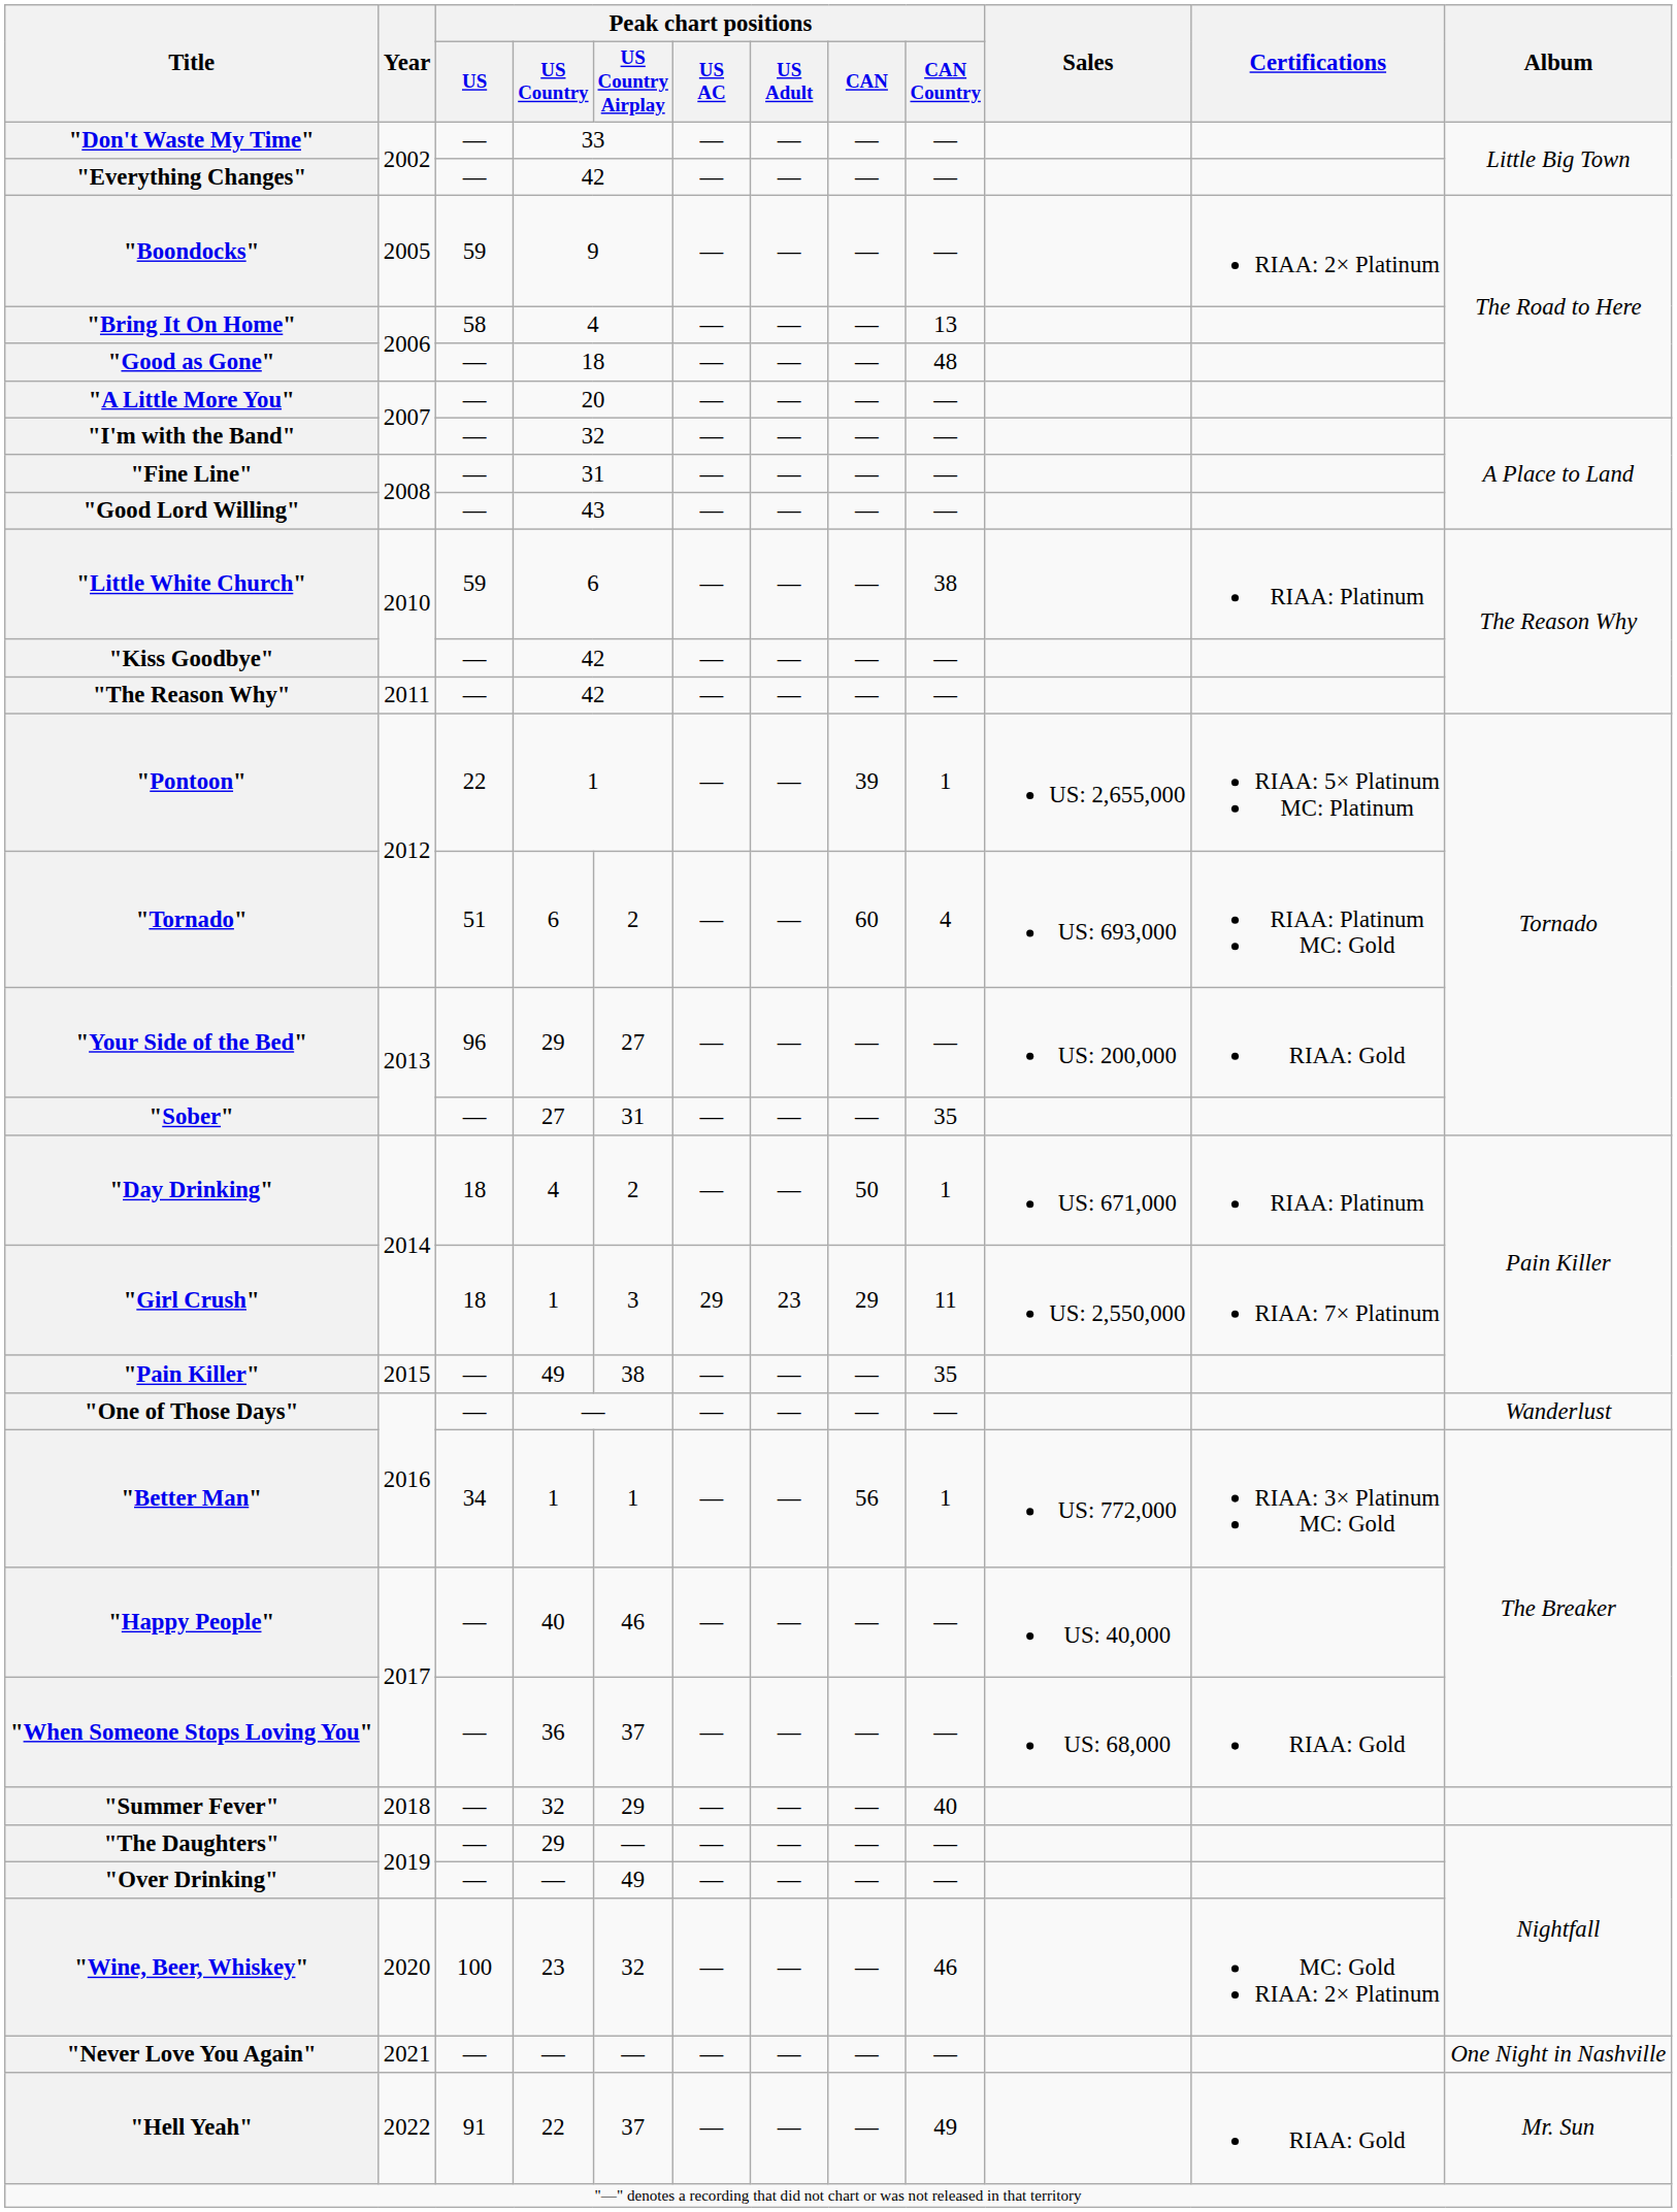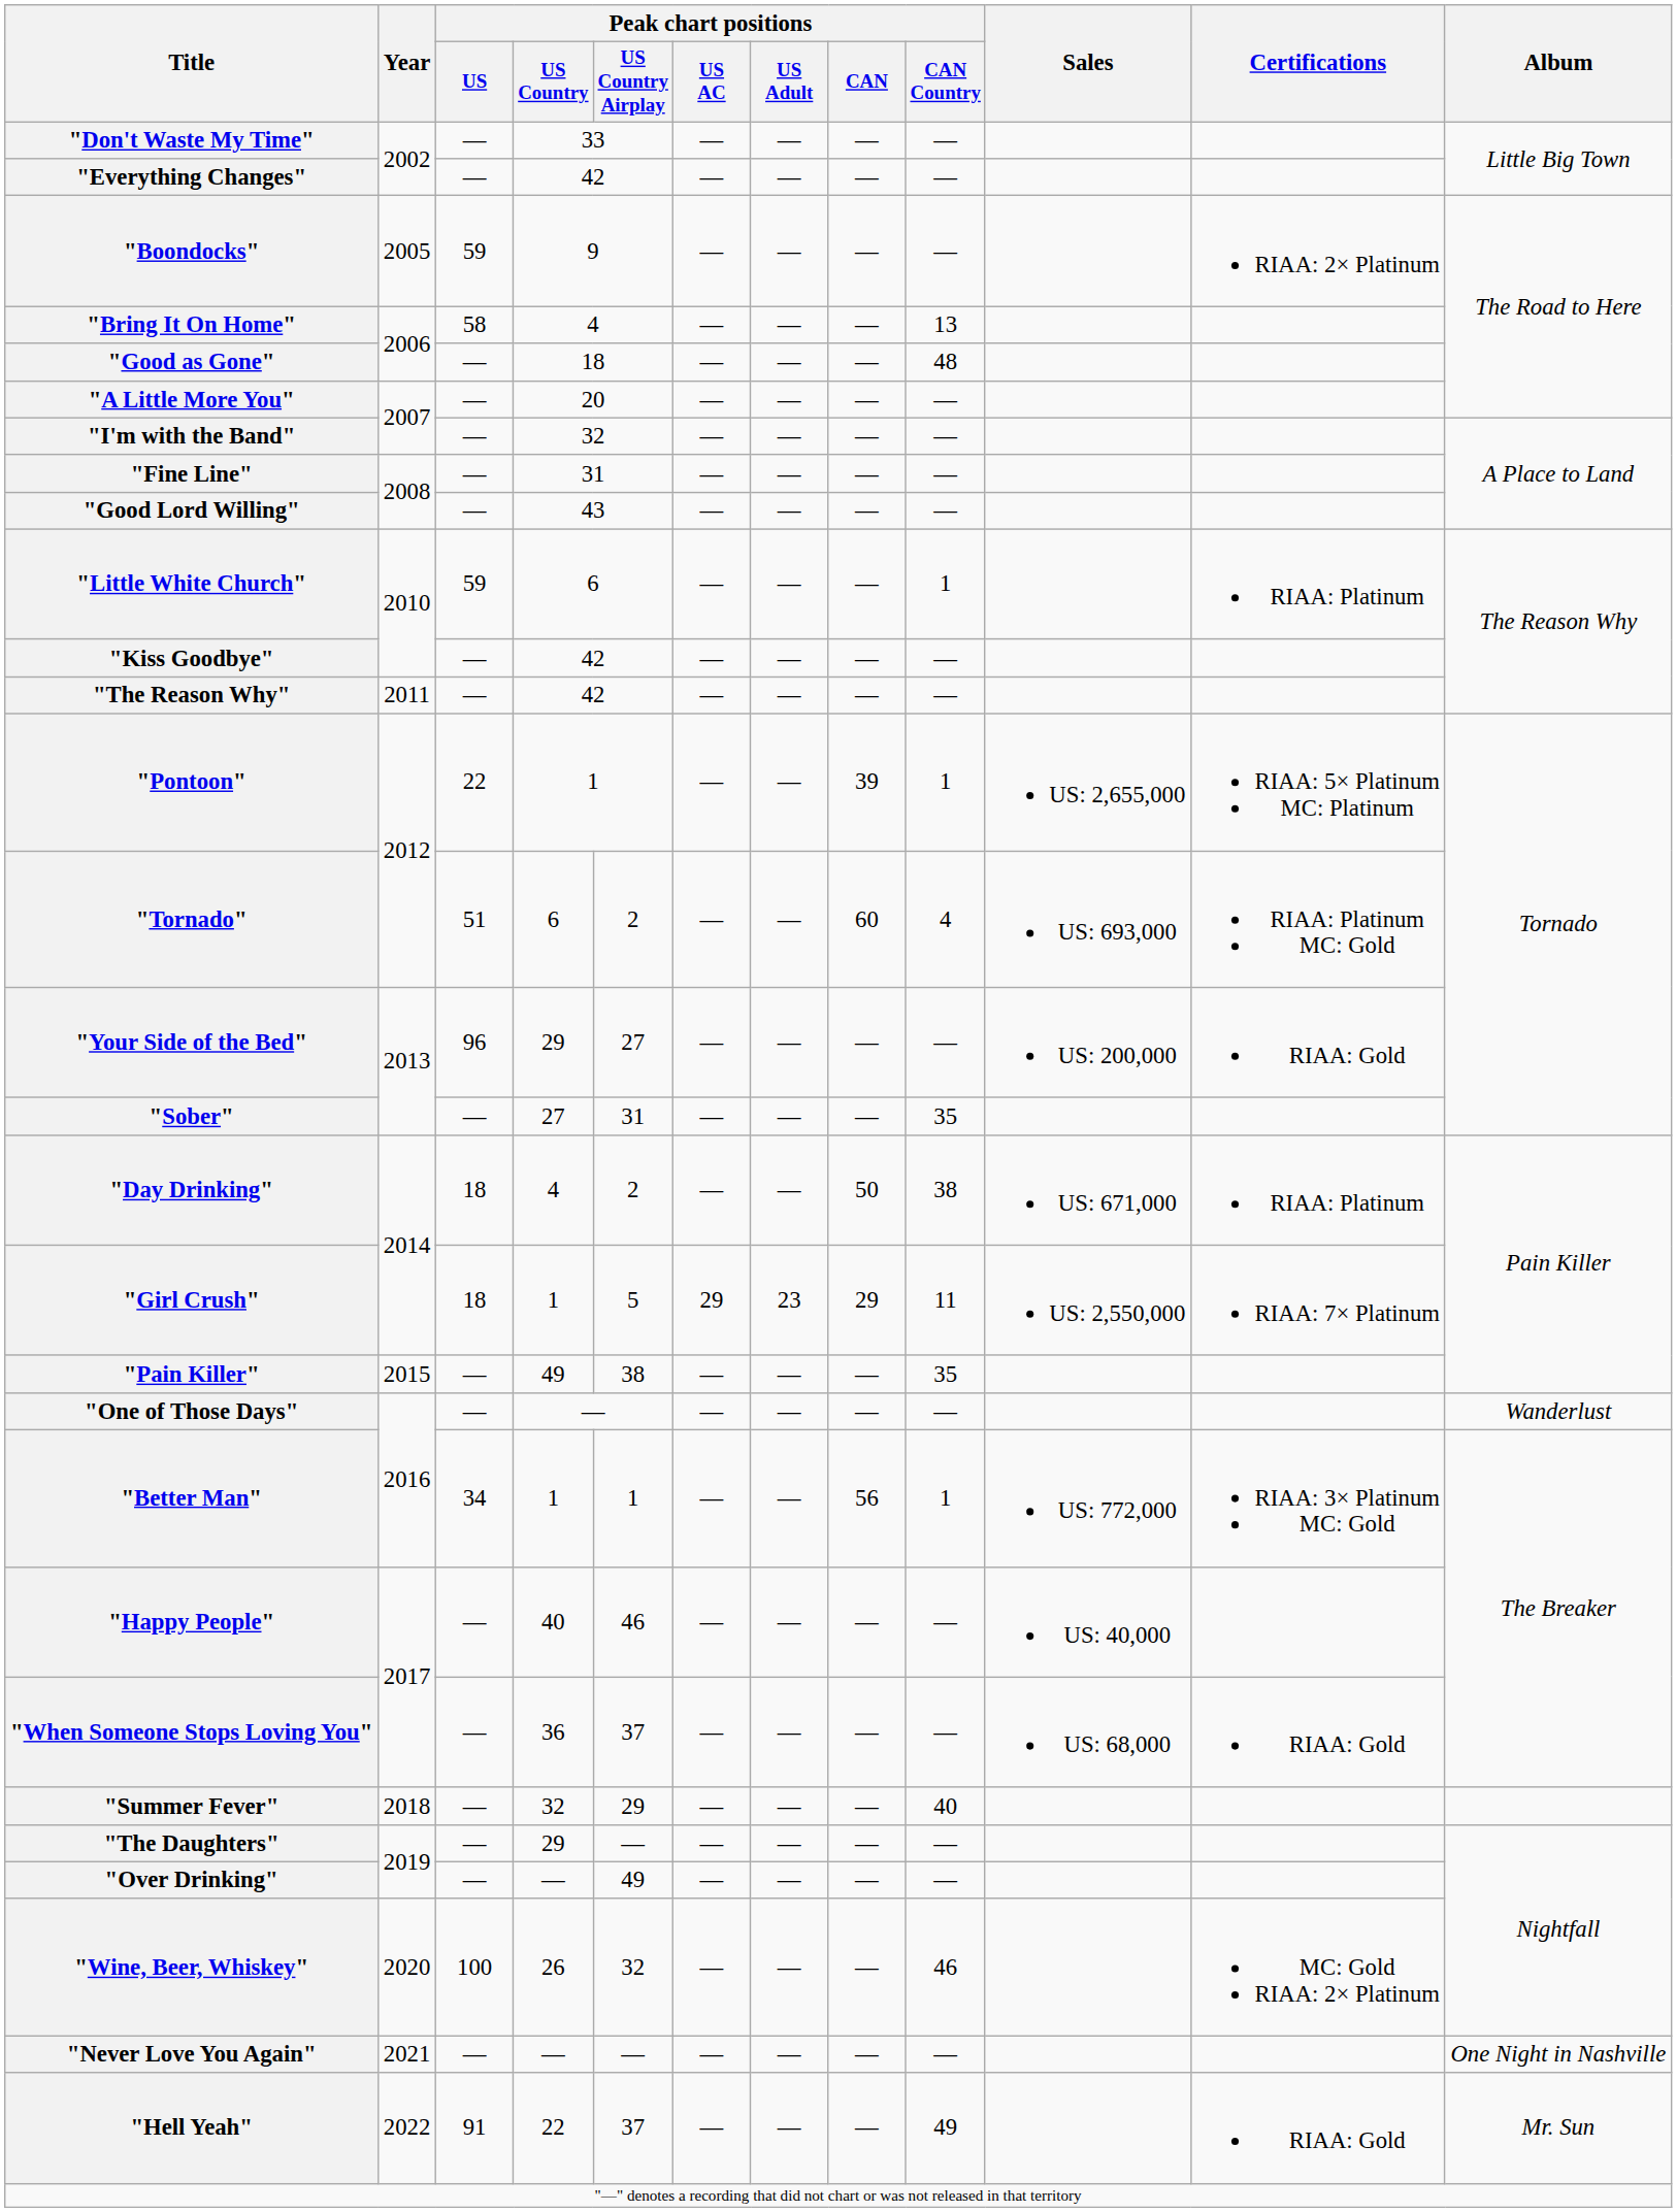 <table class="wikitable plainrowheaders" style="text-align:center;">
 <tr>
 <th rowspan="2">Title</th>
 <th rowspan="2">Year</th>
 <th colspan="7">Peak chart positions</th>
 <th rowspan="2">Sales</th>
 <th rowspan="2"><a href='#'>Certifications</a></th>
 <th rowspan="2">Album</th>
 </tr>
 <tr style="font-size:smaller;">
 <th style="width:3.5em;"><a href='#'>US</a><br></th>
 <th style="width:3.5em;"><a href='#'>US Country</a><br></th>
 <th style="width:3.5em;"><a href='#'>US Country Airplay</a><br></th>
 <th style="width:3.5em;"><a href='#'>US <br>AC</a><br></th>
 <th style="width:3.5em;"><a href='#'>US <br>Adult</a><br></th>
 <th style="width:3.5em;"><a href='#'>CAN</a><br></th>
 <th style="width:3.5em;"><a href='#'>CAN Country</a><br></th>
 </tr>
 <tr>
 <th scope="row">"<a href='#'>Don't Waste My Time</a>"</th>
 <td rowspan="2">2002</td>
 <td>—</td>
 <td colspan="2">33</td>
 <td>—</td>
 <td>—</td>
 <td>—</td>
 <td>—</td>
 <td></td>
 <td></td>
 <td rowspan="2"><em>Little Big Town</em></td>
 </tr>
 <tr>
 <th scope="row">"Everything Changes"</th>
 <td>—</td>
 <td colspan="2">42</td>
 <td>—</td>
 <td>—</td>
 <td>—</td>
 <td>—</td>
 <td></td>
 <td></td>
 </tr>
 <tr>
 <th scope="row">"<a href='#'>Boondocks</a>"</th>
 <td>2005</td>
 <td>59</td>
 <td colspan="2">9</td>
 <td>—</td>
 <td>—</td>
 <td>—</td>
 <td>—</td>
 <td></td>
 <td><br><ul><li>RIAA: 2× Platinum</li></ul></td>
 <td rowspan="4"><em>The Road to Here</em></td>
 </tr>
 <tr>
 <th scope="row">"<a href='#'>Bring It On Home</a>"</th>
 <td rowspan="2">2006</td>
 <td>58</td>
 <td colspan="2">4</td>
 <td>—</td>
 <td>—</td>
 <td>—</td>
 <td>13</td>
 <td></td>
 <td></td>
 </tr>
 <tr>
 <th scope="row">"<a href='#'>Good as Gone</a>"</th>
 <td>—</td>
 <td colspan="2">18</td>
 <td>—</td>
 <td>—</td>
 <td>—</td>
 <td>48</td>
 <td></td>
 <td></td>
 </tr>
 <tr>
 <th scope="row">"<a href='#'>A Little More You</a>"</th>
 <td rowspan="2">2007</td>
 <td>—</td>
 <td colspan="2">20</td>
 <td>—</td>
 <td>—</td>
 <td>—</td>
 <td>—</td>
 <td></td>
 <td></td>
 </tr>
 <tr>
 <th scope="row">"I'm with the Band"</th>
 <td>—</td>
 <td colspan="2">32</td>
 <td>—</td>
 <td>—</td>
 <td>—</td>
 <td>—</td>
 <td></td>
 <td></td>
 <td rowspan="3"><em>A Place to Land</em></td>
 </tr>
 <tr>
 <th scope="row">"Fine Line"</th>
 <td rowspan="2">2008</td>
 <td>—</td>
 <td colspan="2">31</td>
 <td>—</td>
 <td>—</td>
 <td>—</td>
 <td>—</td>
 <td></td>
 <td></td>
 </tr>
 <tr>
 <th scope="row">"Good Lord Willing"</th>
 <td>—</td>
 <td colspan="2">43</td>
 <td>—</td>
 <td>—</td>
 <td>—</td>
 <td>—</td>
 <td></td>
 <td></td>
 </tr>
 <tr>
 <th scope="row">"<a href='#'>Little White Church</a>"</th>
 <td rowspan="2">2010</td>
 <td>59</td>
 <td colspan="2">6</td>
 <td>—</td>
 <td>—</td>
 <td>—</td>
-<td>38</td>
+<td>1</td>
 <td></td>
 <td><br><ul><li>RIAA: Platinum</li></ul></td>
 <td rowspan="3"><em>The Reason Why</em></td>
 </tr>
 <tr>
 <th scope="row">"Kiss Goodbye"</th>
 <td>—</td>
 <td colspan="2">42</td>
 <td>—</td>
 <td>—</td>
 <td>—</td>
 <td>—</td>
 <td></td>
 <td></td>
 </tr>
 <tr>
 <th scope="row">"The Reason Why"</th>
 <td>2011</td>
 <td>—</td>
 <td colspan="2">42</td>
 <td>—</td>
 <td>—</td>
 <td>—</td>
 <td>—</td>
 <td></td>
 <td></td>
 </tr>
 <tr>
 <th scope="row">"<a href='#'>Pontoon</a>"</th>
 <td rowspan="2">2012</td>
 <td>22</td>
 <td colspan="2">1</td>
 <td>—</td>
 <td>—</td>
 <td>39</td>
 <td>1</td>
 <td><br><ul><li>US: 2,655,000</li></ul></td>
 <td><br><ul><li>RIAA: 5× Platinum</li><li>MC: Platinum</li></ul></td>
 <td rowspan="4"><em>Tornado</em></td>
 </tr>
 <tr>
 <th scope="row">"<a href='#'>Tornado</a>"</th>
 <td>51</td>
 <td>6</td>
 <td>2</td>
 <td>—</td>
 <td>—</td>
 <td>60</td>
 <td>4</td>
 <td><br><ul><li>US: 693,000</li></ul></td>
 <td><br><ul><li>RIAA: Platinum</li><li>MC: Gold</li></ul></td>
 </tr>
 <tr>
 <th scope="row">"<a href='#'>Your Side of the Bed</a>"</th>
 <td rowspan="2">2013</td>
 <td>96</td>
 <td>29</td>
 <td>27</td>
 <td>—</td>
 <td>—</td>
 <td>—</td>
 <td>—</td>
 <td><br><ul><li>US: 200,000</li></ul></td>
 <td><br><ul><li>RIAA: Gold</li></ul></td>
 </tr>
 <tr>
 <th scope="row">"<a href='#'>Sober</a>"</th>
 <td>—</td>
 <td>27</td>
 <td>31</td>
 <td>—</td>
 <td>—</td>
 <td>—</td>
 <td>35</td>
 <td></td>
 <td></td>
 </tr>
 <tr>
 <th scope="row">"<a href='#'>Day Drinking</a>"</th>
 <td rowspan="2">2014</td>
 <td>18</td>
 <td>4</td>
 <td>2</td>
 <td>—</td>
 <td>—</td>
 <td>50</td>
-<td>1</td>
+<td>38</td>
 <td><br><ul><li>US: 671,000</li></ul></td>
 <td><br><ul><li>RIAA: Platinum</li></ul></td>
 <td rowspan="3"><em>Pain Killer</em></td>
 </tr>
 <tr>
 <th scope="row">"<a href='#'>Girl Crush</a>"</th>
 <td>18</td>
 <td>1</td>
-<td>3</td>
+<td>5</td>
 <td>29</td>
 <td>23</td>
 <td>29</td>
 <td>11</td>
 <td><br><ul><li>US: 2,550,000</li></ul></td>
 <td><br><ul><li>RIAA: 7× Platinum</li></ul></td>
 </tr>
 <tr>
 <th scope="row">"<a href='#'>Pain Killer</a>"</th>
 <td>2015</td>
 <td>—</td>
 <td>49</td>
 <td>38</td>
 <td>—</td>
 <td>—</td>
 <td>—</td>
 <td>35</td>
 <td></td>
 <td></td>
 </tr>
 <tr>
 <th scope="row">"One of Those Days"</th>
 <td rowspan="2">2016</td>
 <td>—</td>
 <td colspan="2">—</td>
 <td>—</td>
 <td>—</td>
 <td>—</td>
 <td>—</td>
 <td></td>
 <td></td>
 <td><em>Wanderlust</em></td>
 </tr>
 <tr>
 <th scope="row">"<a href='#'>Better Man</a>"</th>
 <td>34</td>
 <td>1</td>
 <td>1</td>
 <td>—</td>
 <td>—</td>
 <td>56</td>
 <td>1</td>
 <td><br><ul><li>US: 772,000</li></ul></td>
 <td><br><ul><li>RIAA: 3× Platinum</li><li>MC: Gold</li></ul></td>
 <td rowspan="3"><em>The Breaker</em></td>
 </tr>
 <tr>
 <th scope="row">"<a href='#'>Happy People</a>"</th>
 <td rowspan="2">2017</td>
 <td>—</td>
 <td>40</td>
 <td>46</td>
 <td>—</td>
 <td>—</td>
 <td>—</td>
 <td>—</td>
 <td><br><ul><li>US: 40,000</li></ul></td>
 <td></td>
 </tr>
 <tr>
 <th scope="row">"<a href='#'>When Someone Stops Loving You</a>"</th>
 <td>—</td>
 <td>36</td>
 <td>37</td>
 <td>—</td>
 <td>—</td>
 <td>—</td>
 <td>—</td>
 <td><br><ul><li>US: 68,000</li></ul></td>
 <td><br><ul><li>RIAA: Gold</li></ul></td>
 </tr>
 <tr>
 <th scope="row">"Summer Fever"</th>
 <td>2018</td>
 <td>—</td>
 <td>32</td>
 <td>29</td>
 <td>—</td>
 <td>—</td>
 <td>—</td>
 <td>40</td>
 <td></td>
 <td></td>
 <td></td>
 </tr>
 <tr>
 <th scope="row">"The Daughters"</th>
 <td rowspan="2">2019</td>
 <td>—</td>
 <td>29</td>
 <td>—</td>
 <td>—</td>
 <td>—</td>
 <td>—</td>
 <td>—</td>
 <td></td>
 <td></td>
 <td rowspan="3"><em>Nightfall</em></td>
 </tr>
 <tr>
 <th scope="row">"Over Drinking"</th>
 <td>—</td>
 <td>—</td>
 <td>49</td>
 <td>—</td>
 <td>—</td>
 <td>—</td>
 <td>—</td>
 <td></td>
 <td></td>
 </tr>
 <tr>
 <th scope="row">"<a href='#'>Wine, Beer, Whiskey</a>"</th>
 <td>2020</td>
 <td>100</td>
-<td>23</td>
+<td>26</td>
 <td>32</td>
 <td>—</td>
 <td>—</td>
 <td>—</td>
 <td>46</td>
 <td></td>
 <td><br><ul><li>MC: Gold</li><li>RIAA: 2× Platinum</li></ul></td>
 </tr>
 <tr>
 <th scope="row">"Never Love You Again"<br></th>
 <td>2021</td>
 <td>—</td>
 <td>—</td>
 <td>—</td>
 <td>—</td>
 <td>—</td>
 <td>—</td>
 <td>—</td>
 <td></td>
 <td></td>
 <td><em>One Night in Nashville</em></td>
 </tr>
 <tr>
 <th scope="row">"Hell Yeah"</th>
 <td>2022</td>
 <td>91</td>
 <td>22</td>
 <td>37</td>
 <td>—</td>
 <td>—</td>
 <td>—</td>
 <td>49</td>
 <td></td>
 <td><br><ul><li>RIAA: Gold</li></ul></td>
 <td><em>Mr. Sun</em></td>
 </tr>
 <tr>
 <td colspan="12" style="font-size:8pt">"—" denotes a recording that did not chart or was not released in that territory</td>
 </tr>
 </table>
